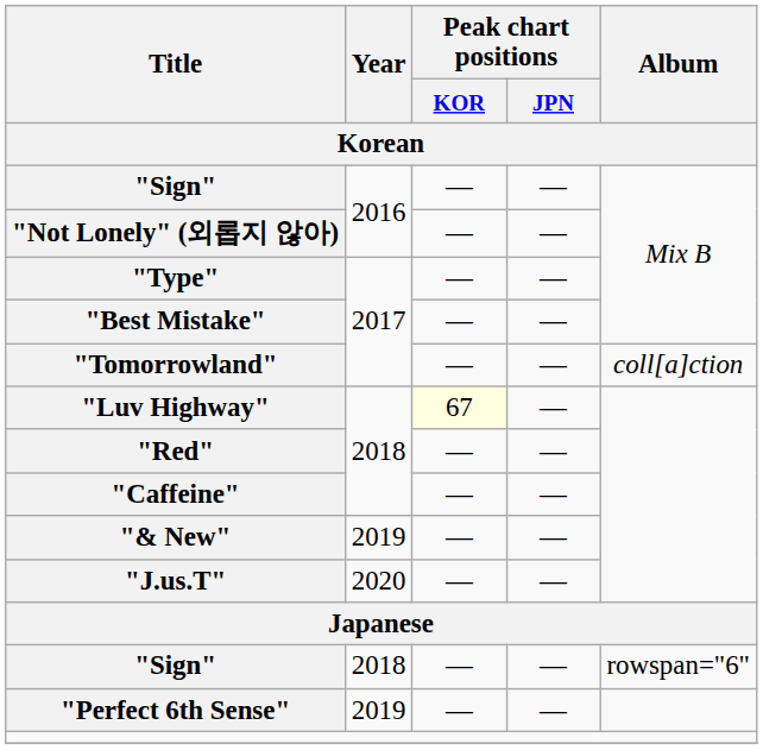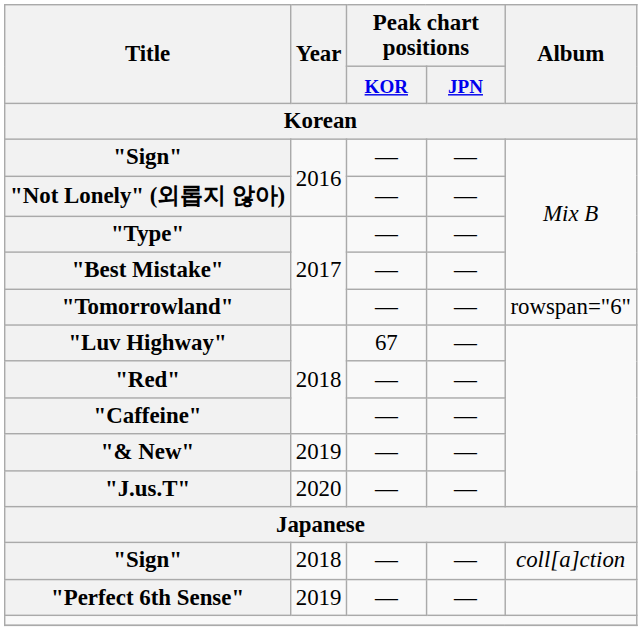 <table class="wikitable plainrowheaders" style="text-align:center;">
 <tr>
 <th scope="col" rowspan="2">Title</th>
 <th scope="col" rowspan="2">Year</th>
 <th scope="col" colspan="2">Peak chart positions</th>
 <th scope="col" rowspan="2">Album</th>
 </tr>
 <tr>
 <th scope="col" style="width:3em;"><small><a href='#'>KOR</a></small><br></th>
 <th scope="col" style="width:3em;"><small><a href='#'>JPN</a></small><br></th>
 </tr>
 <tr>
 <th colspan="5">Korean</th>
 </tr>
 <tr>
 <th scope="row">"Sign"<br></th>
 <td rowspan="2">2016</td>
 <td>—</td>
 <td>—</td>
 <td rowspan="4"><em>Mix B</em></td>
 </tr>
 <tr>
 <th scope="row">"Not Lonely" (외롭지 않아)</th>
 <td>—</td>
 <td>—</td>
 </tr>
 <tr>
 <th scope="row">"Type"<br></th>
 <td rowspan="3">2017</td>
 <td>—</td>
 <td>—</td>
 </tr>
 <tr>
 <th scope="row">"Best Mistake"</th>
 <td>—</td>
 <td>—</td>
 </tr>
 <tr>
 <th scope="row">"Tomorrowland"</th>
 <td>—</td>
 <td>—</td>
-<td><em>coll[a]ction</em></td>
+<td>rowspan="6" </td>
 </tr>
 <tr>
 <th scope="row">"Luv Highway"</th>
 <td rowspan="3">2018</td>
-<td style="background: lightyellow;">67</td>
+<td>67</td>
 <td>—</td>
 </tr>
 <tr>
 <th scope="row">"Red"</th>
 <td>—</td>
 <td>—</td>
 </tr>
 <tr>
 <th scope="row">"Caffeine"</th>
 <td>—</td>
 <td>—</td>
 </tr>
 <tr>
 <th scope="row">"& New"</th>
 <td>2019</td>
 <td>—</td>
 <td>—</td>
 </tr>
 <tr>
 <th scope="row">"J.us.T"</th>
 <td>2020</td>
 <td>—</td>
 <td>—</td>
 </tr>
 <tr>
 <th colspan="5">Japanese</th>
 </tr>
 <tr>
 <th scope="row">"Sign"<br></th>
 <td>2018</td>
 <td>—</td>
 <td>—</td>
-<td>rowspan="6" </td>
+<td><em>coll[a]ction</em></td>
 </tr>
 <tr>
 <th scope="row">"Perfect 6th Sense"</th>
 <td>2019</td>
 <td>—</td>
 <td>—</td>
 <td></td>
 </tr>
 <tr>
 <td colspan="5"></td>
 </tr>
 <tr>
 </tr>
 </table>
